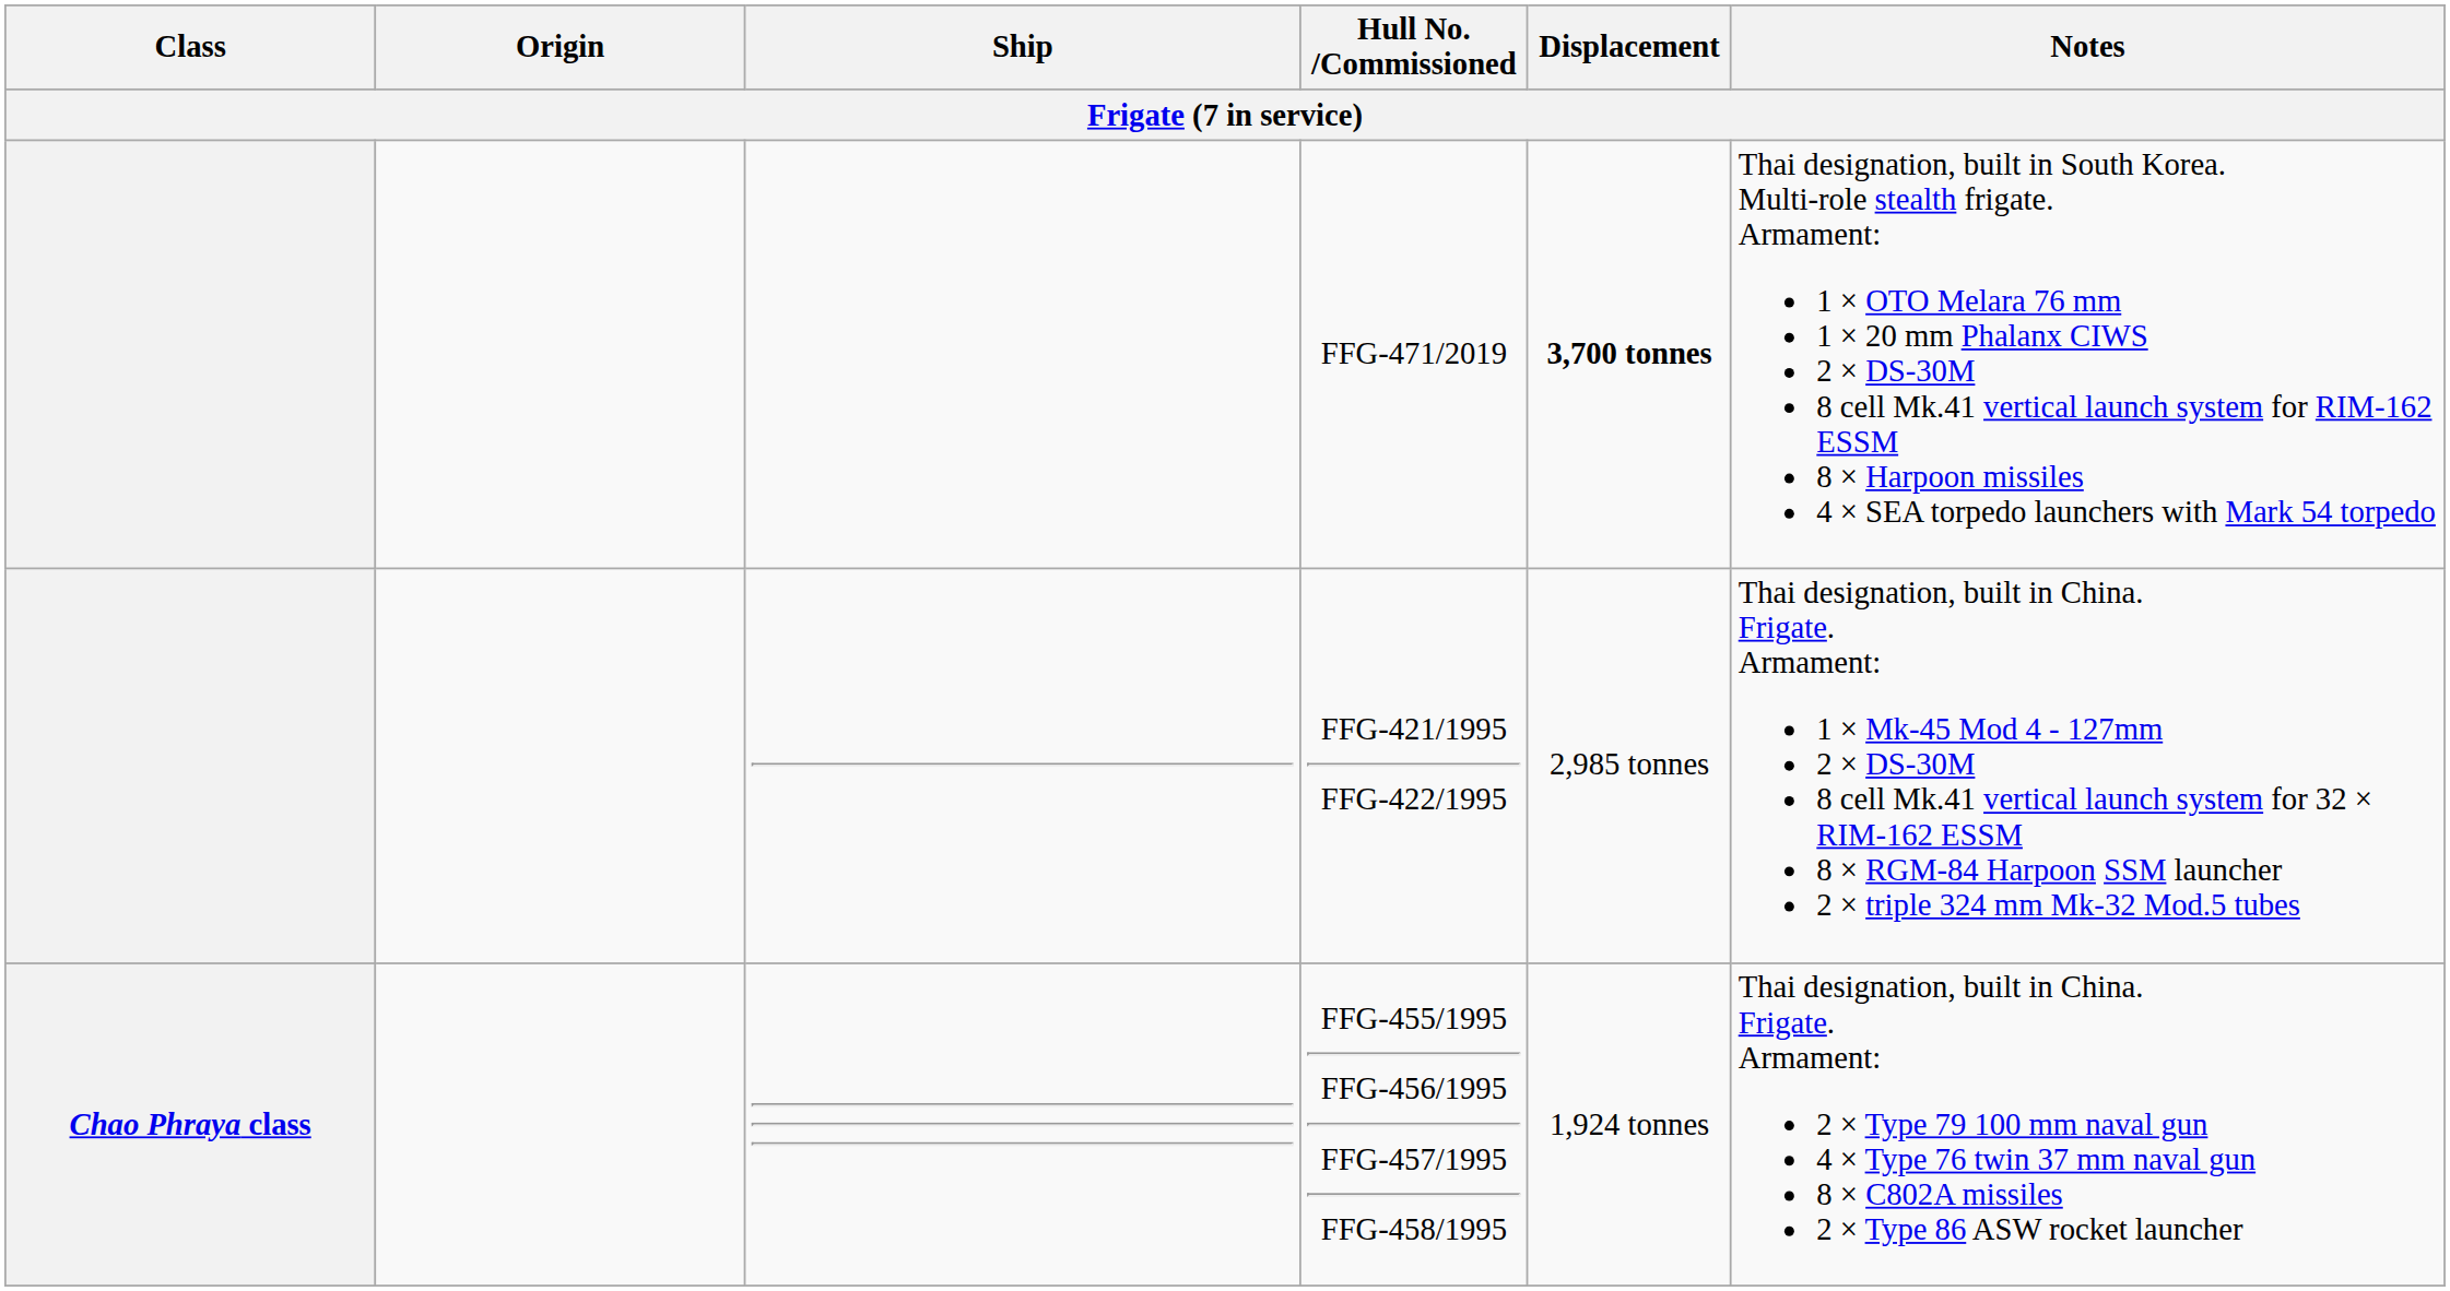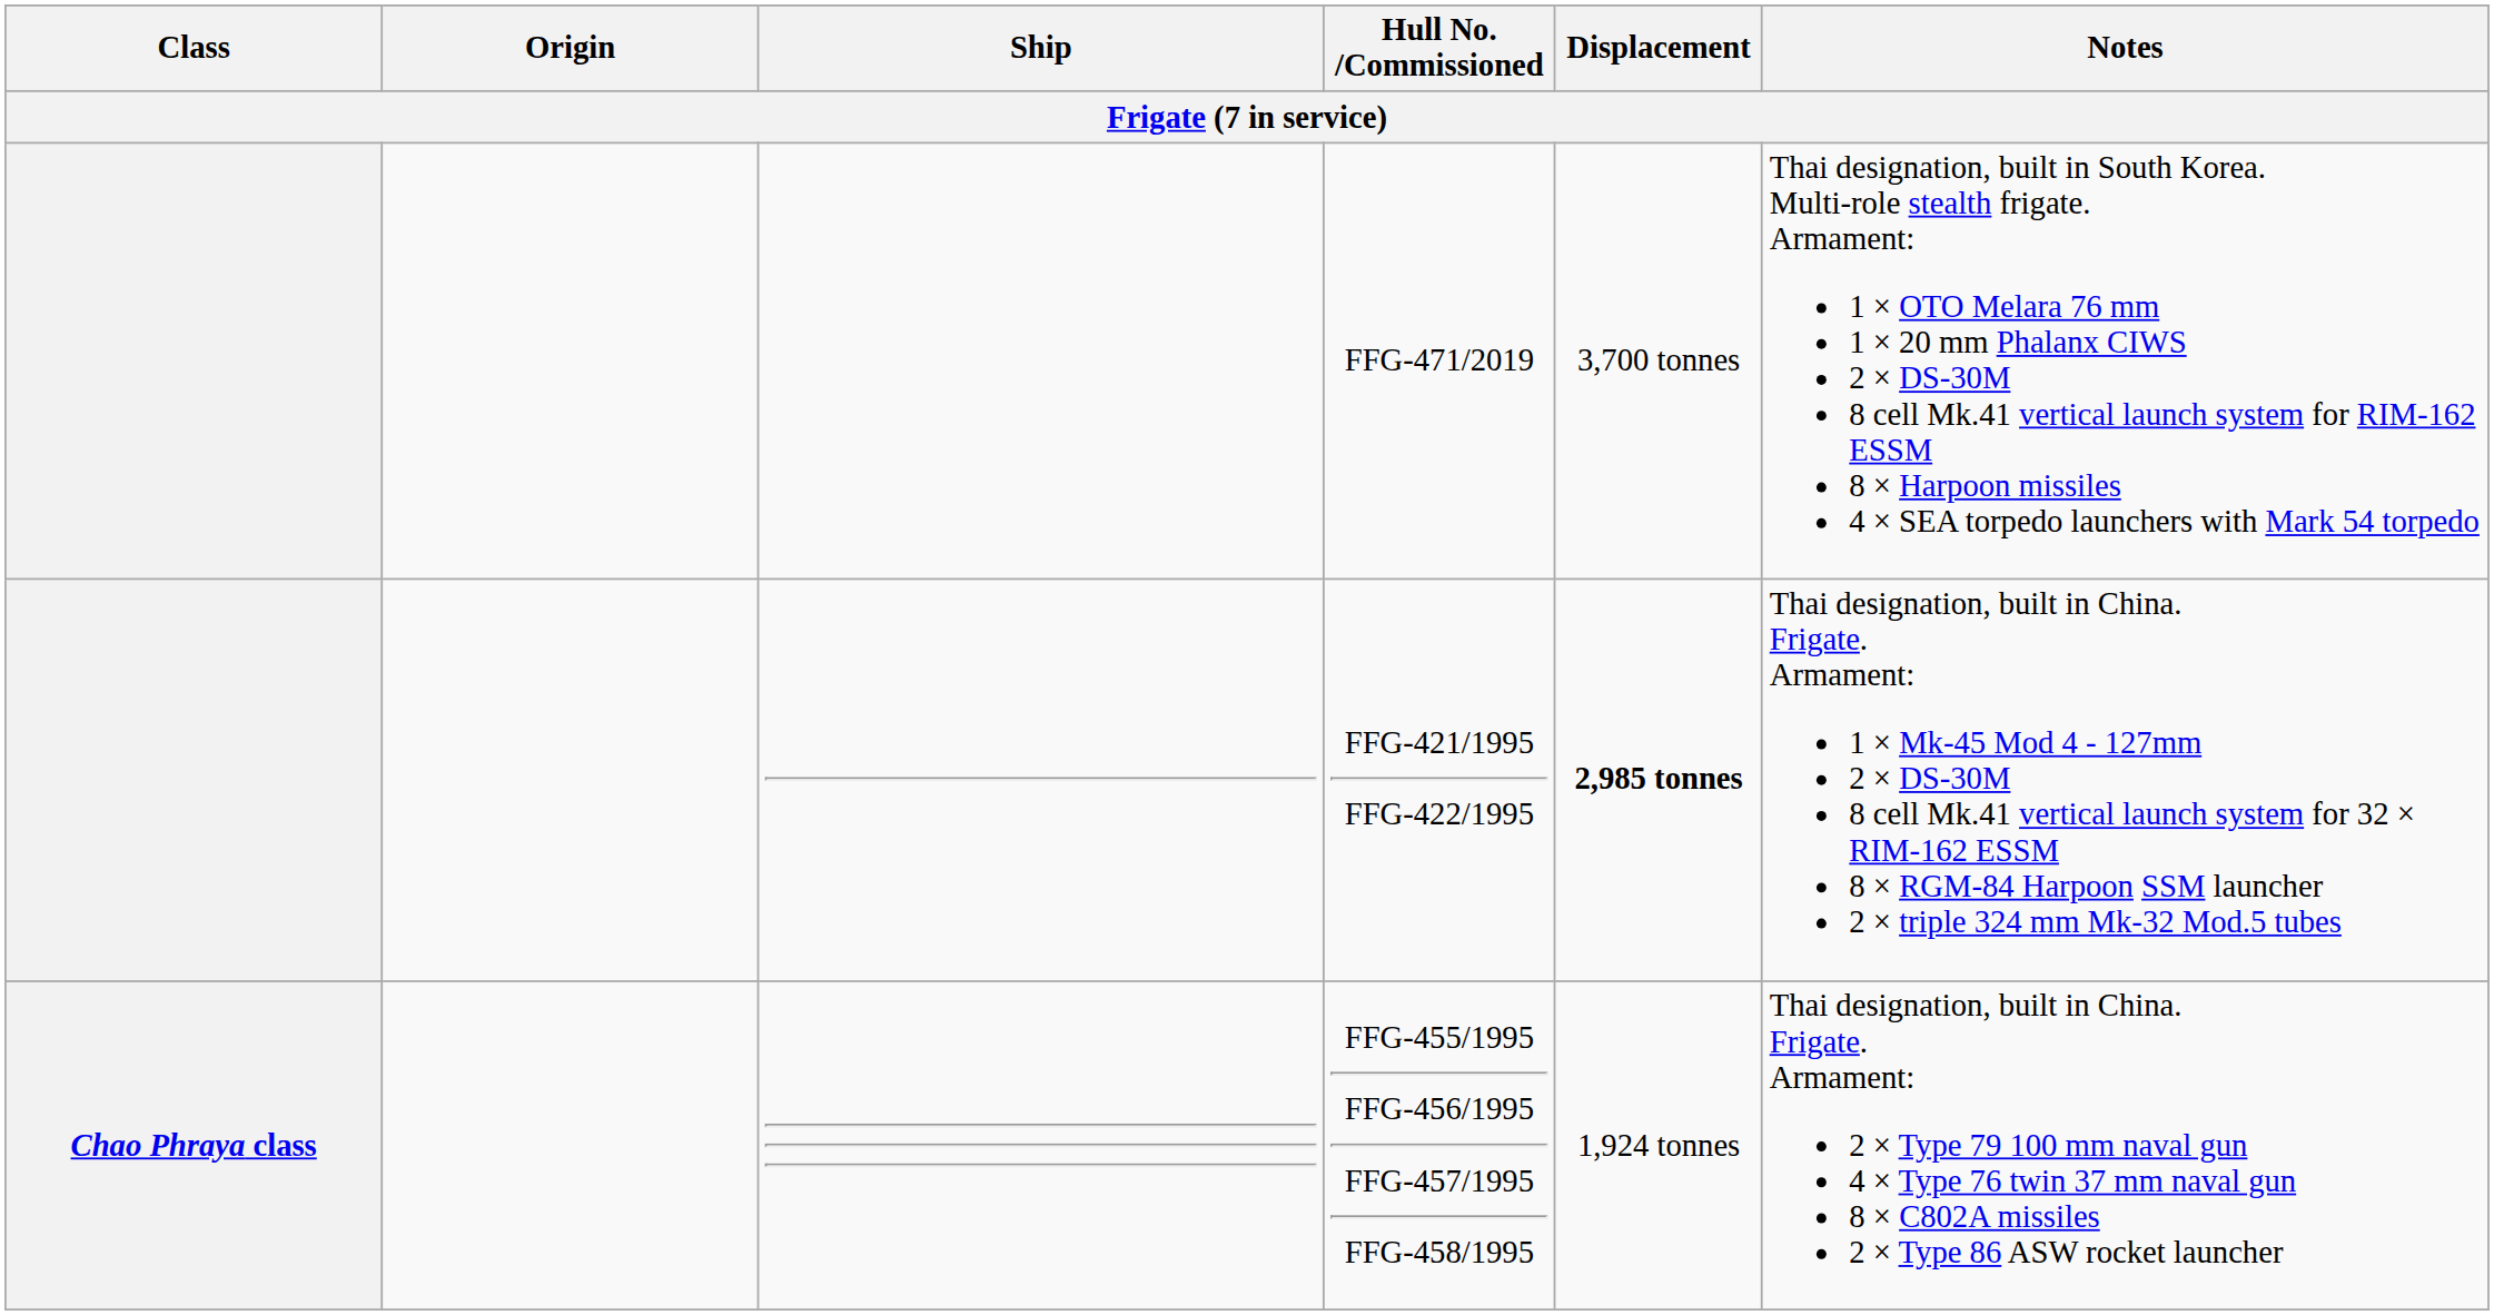 <table class="wikitable">
 <tr>
 <th style="text-align:centre; width:14%;">Class</th>
 <th style="text-align:centre; width:14%;">Origin</th>
 <th style="text-align:centre; width:21%;">Ship</th>
 <th style="text-align:center; width:4%;">Hull No.<br>/Commissioned</th>
 <th style="text-align:centre; width:4%;">Displacement</th>
 <th style="text-align:centre; width:27%;">Notes</th>
 </tr>
 <tr>
 <th colspan="7"><a href='#'>Frigate</a> (7 in service)</th>
 </tr>
 <tr>
 <th style="text-align:centre;"></th>
 <td></td>
 <td ! style="text-align:center;"></td>
 <td ! style="text-align:center;">FFG-471/2019</td>
-<td ! style="text-align:center;"><strong>3,700 tonnes</strong></td>
+<td ! style="text-align:center;">3,700 tonnes</td>
 <td>Thai designation, built in South Korea.<br>Multi-role <a href='#'>stealth</a> frigate.<br> Armament:<ul><li>1 × <a href='#'>OTO Melara 76 mm</a></li><li>1 × 20 mm <a href='#'>Phalanx CIWS</a></li><li>2 × <a href='#'>DS-30M</a></li><li>8 cell Mk.41 <a href='#'>vertical launch system</a> for <a href='#'>RIM-162 ESSM</a></li><li>8 × <a href='#'>Harpoon missiles</a></li><li>4 ×  SEA torpedo launchers with <a href='#'>Mark 54 torpedo</a></li></ul></td>
 </tr>
 <tr>
 <th style="text-align:centre;"></th>
 <td></td>
 <td ! style="text-align:center;"><hr></td>
 <td ! style="text-align:center;">FFG-421/1995<hr>FFG-422/1995</td>
-<td ! style="text-align:center;">2,985 tonnes</td>
+<td ! style="text-align:center;"><strong>2,985 tonnes</strong></td>
 <td>Thai designation, built in China.<br><a href='#'>Frigate</a>. <br>Armament:<ul><li>1 × <a href='#'>Mk-45 Mod 4 - 127mm</a></li><li>2 × <a href='#'>DS-30M</a></li><li>8 cell Mk.41 <a href='#'>vertical launch system</a> for 32 × <a href='#'>RIM-162 ESSM</a></li><li>8 × <a href='#'>RGM-84 Harpoon</a> <a href='#'>SSM</a> launcher</li><li>2 × <a href='#'>triple 324 mm Mk-32 Mod.5 tubes</a></li></ul></td>
 </tr>
 <tr>
 <th style="text-align:centre;"><a href='#'><em>Chao Phraya</em> class</a></th>
 <td></td>
 <td ! style="text-align:center;"><hr><hr><hr> </td>
 <td ! style="text-align:center;">FFG-455/1995<hr>FFG-456/1995<hr>FFG-457/1995<hr>FFG-458/1995</td>
 <td ! style="text-align:center;">1,924 tonnes</td>
 <td>Thai designation, built in China.<br><a href='#'>Frigate</a>.<br>Armament:<ul><li>2 × <a href='#'>Type 79 100 mm naval gun</a></li><li>4 × <a href='#'>Type 76 twin 37 mm naval gun</a></li><li>8 × <a href='#'>C802A missiles</a></li><li>2 × <a href='#'>Type 86</a> ASW rocket launcher</li></ul></td>
 </tr>
 <tr>
 </tr>
 </table>
